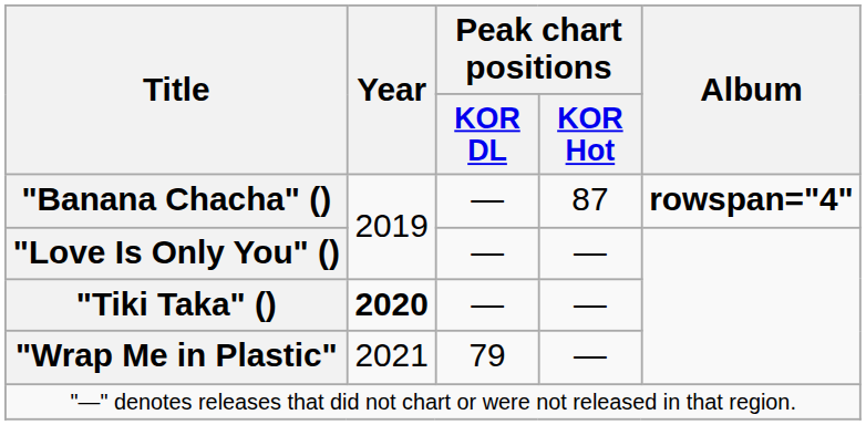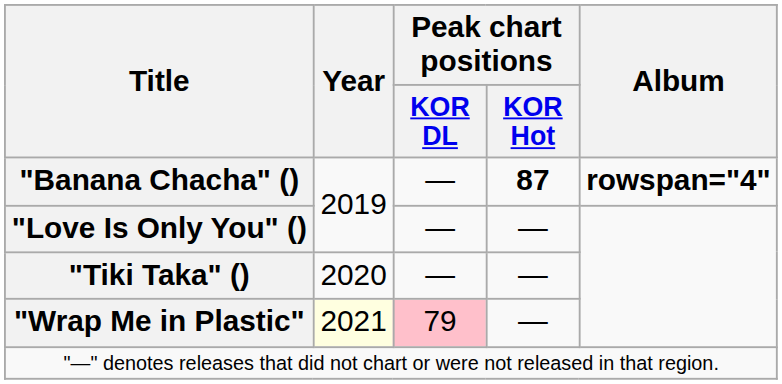 <table class="wikitable plainrowheaders" style="text-align:center">
 <tr>
 <th scope="col" rowspan="2">Title</th>
 <th scope="col" rowspan="2">Year</th>
 <th scope="col" colspan="2">Peak chart positions</th>
 <th scope="col" rowspan="2">Album</th>
 </tr>
 <tr>
 <th scope="col" style="width:3em;font-size:90%;"><a href='#'>KOR<br>DL</a><br></th>
 <th scope="col" style="width:3em;font-size:90%;"><a href='#'>KOR<br>Hot</a><br></th>
 </tr>
 <tr>
 <th scope="row">"Banana Chacha" ()</th>
 <td rowspan="2">2019</td>
 <td>—</td>
-<td>87</td>
+<td><strong>87</strong></td>
 <td><strong>rowspan="4" </strong></td>
 </tr>
 <tr>
 <th scope="row">"Love Is Only You" ()<br></th>
 <td>—</td>
 <td>—</td>
 </tr>
 <tr>
 <th scope="row">"Tiki Taka" ()</th>
-<td><strong>2020</strong></td>
+<td>2020</td>
 <td>—</td>
 <td>—</td>
 </tr>
 <tr>
 <th scope="row">"Wrap Me in Plastic"<br></th>
-<td>2021</td>
-<td>79</td>
+<td style="background: lightyellow;">2021</td>
+<td style="background: pink;">79</td>
 <td>—</td>
 </tr>
 <tr>
 <td colspan="5" style="font-size:8pt;">"—" denotes releases that did not chart or were not released in that region.</td>
 </tr>
 </table>
